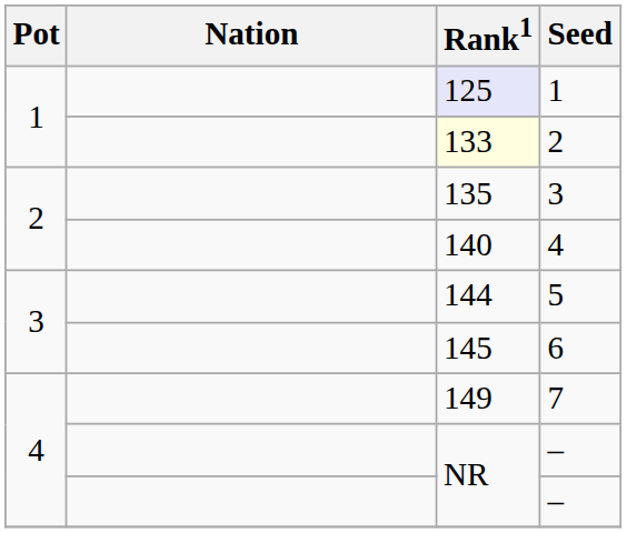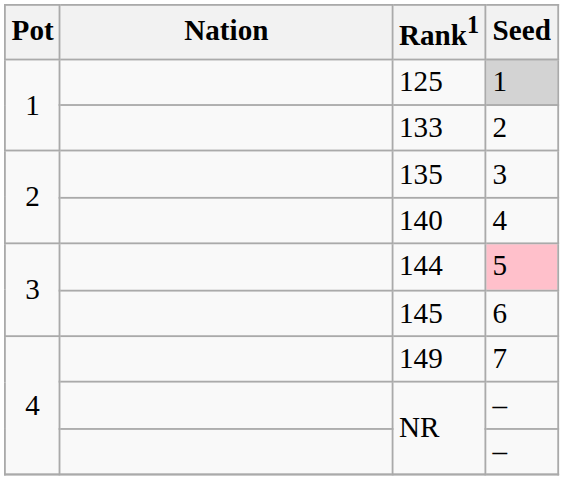 <table class="wikitable">
 <tr>
 <th>Pot</th>
 <th width="175">Nation</th>
 <th>Rank<sup>1</sup></th>
 <th>Seed</th>
 </tr>
 <tr>
 <td rowspan=2 style="text-align:center;">1</td>
 <td></td>
-<td style="background: lavender;">125</td>
-<td>1</td>
+<td>125</td>
+<td style="background: lightgrey;">1</td>
 </tr>
 <tr>
 <td></td>
-<td style="background: lightyellow;">133</td>
+<td>133</td>
 <td>2</td>
 </tr>
 <tr>
 <td rowspan=2 style="text-align:center;">2</td>
 <td></td>
 <td>135</td>
 <td>3</td>
 </tr>
 <tr>
 <td></td>
 <td>140</td>
 <td>4</td>
 </tr>
 <tr>
 <td rowspan=2 style="text-align:center;">3</td>
 <td></td>
 <td>144</td>
-<td>5</td>
+<td style="background: pink;">5</td>
 </tr>
 <tr>
 <td></td>
 <td>145</td>
 <td>6</td>
 </tr>
 <tr>
 <td rowspan=3 style="text-align:center;">4</td>
 <td></td>
 <td>149</td>
 <td>7</td>
 </tr>
 <tr>
 <td></td>
 <td rowspan=2>NR</td>
 <td>–</td>
 </tr>
 <tr>
 <td></td>
 <td>–</td>
 </tr>
 <tr>
 </tr>
 </table>
